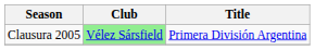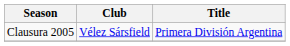 <table class="wikitable">
 <tr>
 <th>Season</th>
 <th>Club</th>
 <th>Title</th>
 </tr>
 <tr>
 <td>Clausura 2005</td>
-<td style="background: lightgreen;"><a href='#'>Vélez Sársfield</a></td>
+<td><a href='#'>Vélez Sársfield</a></td>
 <td><a href='#'>Primera División Argentina</a></td>
 </tr>
 <tr>
 </tr>
 </table>
